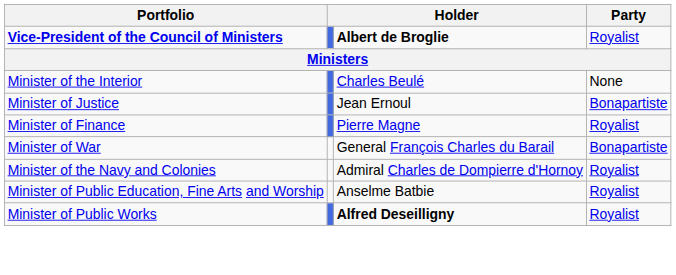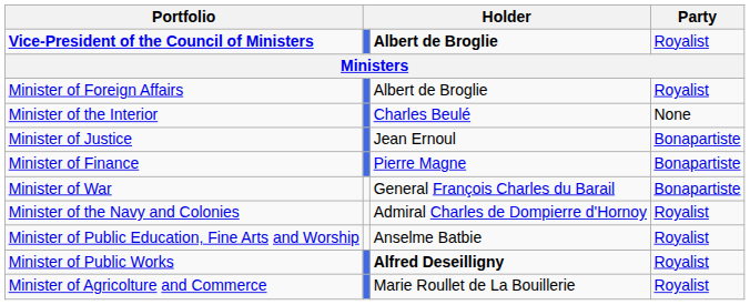 <table class="wikitable">
 <tr>
 <th>Portfolio</th>
 <th colspan=2>Holder</th>
 <th>Party</th>
 </tr>
 <tr>
 <td><strong><a href='#'>Vice-President of the Council of Ministers</a></strong></td>
 <td style="background:#4169E1;"></td>
 <td><strong>Albert de Broglie</strong></td>
 <td><a href='#'>Royalist</a></td>
 </tr>
 <tr>
 <th colspan=4 align=center><a href='#'>Ministers</a></th>
+</tr>
+<tr>
+<td><a href='#'>Minister of Foreign Affairs</a></td>
+<td style="background:#4169E1;"></td>
+<td>Albert de Broglie</td>
+<td><a href='#'>Royalist</a></td>
 </tr>
 <tr>
 <td><a href='#'>Minister of the Interior</a></td>
 <td style="background:#4169E1;"></td>
 <td><a href='#'>Charles Beulé</a></td>
 <td>None</td>
 </tr>
 <tr>
 <td><a href='#'>Minister of Justice</a></td>
 <td style="background:#4169E1;"></td>
 <td>Jean Ernoul</td>
 <td><a href='#'>Bonapartiste</a></td>
 </tr>
 <tr>
 <td><a href='#'>Minister of Finance</a></td>
 <td style="background:#4169E1;"></td>
 <td><a href='#'>Pierre Magne</a></td>
-<td><a href='#'>Royalist</a></td>
+<td><a href='#'>Bonapartiste</a></td>
 </tr>
 <tr>
 <td><a href='#'>Minister of War</a></td>
 <td style="background:"></td>
 <td>General <a href='#'>François Charles du Barail</a></td>
 <td><a href='#'>Bonapartiste</a></td>
 </tr>
 <tr>
 <td><a href='#'>Minister of the Navy and Colonies</a></td>
 <td style="background:"></td>
 <td>Admiral <a href='#'>Charles de Dompierre d'Hornoy</a></td>
 <td><a href='#'>Royalist</a></td>
 </tr>
 <tr>
 <td><a href='#'>Minister of Public Education, Fine Arts</a> <a href='#'>and Worship</a></td>
 <td style="background:"></td>
 <td>Anselme Batbie</td>
 <td><a href='#'>Royalist</a></td>
 </tr>
 <tr>
 <td><a href='#'>Minister of Public Works</a></td>
 <td style="background:#4169E1;"></td>
 <td><strong>Alfred Deseilligny</strong></td>
 <td><a href='#'>Royalist</a></td>
 </tr>
+<tr>
+<td><a href='#'>Minister of Agricolture</a> <a href='#'>and Commerce</a></td>
+<td style="background:#4169E1;"></td>
+<td>Marie Roullet de La Bouillerie</td>
+<td><a href='#'>Royalist</a></td>
+</tr>
 </table>
